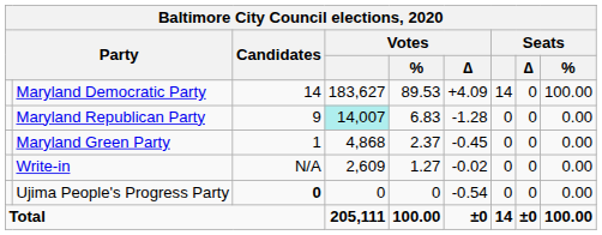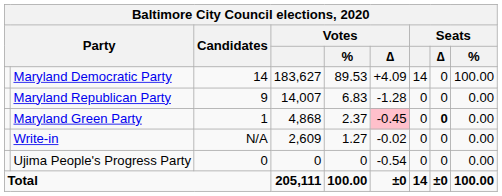 <table class="wikitable">
 <tr>
 <th colspan=10>Baltimore City Council elections, 2020</th>
 </tr>
 <tr>
 <th rowspan="2" colspan="2">Party</th>
 <th rowspan="2">Candidates</th>
 <th colspan="3">Votes</th>
 <th colspan="3">Seats</th>
 </tr>
 <tr>
 <th></th>
 <th>%</th>
 <th>∆</th>
 <th></th>
 <th>∆</th>
 <th>%</th>
 </tr>
 <tr>
 <td style="background-color:"></td>
 <td><a href='#'>Maryland Democratic Party</a></td>
 <td align="right">14</td>
 <td align="right">183,627</td>
 <td align="right">89.53</td>
 <td align="right">+4.09</td>
 <td align="right">14</td>
 <td align="right">0</td>
 <td align="right">100.00</td>
 </tr>
 <tr>
 <td style="background-color:"></td>
 <td><a href='#'>Maryland Republican Party</a></td>
 <td align="right">9</td>
-<td align="right" style="background: paleturquoise;">14,007</td>
+<td align="right">14,007</td>
 <td align="right">6.83</td>
 <td align="right">-1.28</td>
 <td align="right">0</td>
 <td align="right">0</td>
 <td align="right">0.00</td>
 </tr>
 <tr>
 <td style="background-color:"></td>
 <td><a href='#'>Maryland Green Party</a></td>
 <td align="right">1</td>
 <td align="right">4,868</td>
 <td align="right">2.37</td>
-<td align="right">-0.45</td>
+<td align="right" style="background: pink;">-0.45</td>
 <td align="right">0</td>
-<td align="right">0</td>
+<td align="right"><strong>0</strong></td>
 <td align="right">0.00</td>
 </tr>
 <tr>
 <td style="background-color:"></td>
 <td><a href='#'>Write-in</a></td>
 <td align="right">N/A</td>
 <td align="right">2,609</td>
 <td align="right">1.27</td>
 <td align="right">-0.02</td>
 <td align="right">0</td>
 <td align="right">0</td>
 <td align="right">0.00</td>
 </tr>
 <tr>
 <td style="background-color:"></td>
 <td>Ujima People's Progress Party</td>
-<td align="right"><strong>0</strong></td>
+<td align="right">0</td>
 <td align="right">0</td>
 <td align="right">0</td>
 <td align="right">-0.54</td>
 <td align="right">0</td>
 <td align="right">0</td>
 <td align="right">0.00</td>
 </tr>
 <tr>
 <td colspan="3" align="left"><strong>Total</strong></td>
 <td align="right"><strong>205,111</strong></td>
 <td align="right"><strong>100.00</strong></td>
 <td align="right"><strong>±0</strong></td>
 <td align="right"><strong>14</strong></td>
 <td align="right"><strong>±0</strong></td>
 <td align="right"><strong>100.00</strong></td>
 </tr>
 </table>
